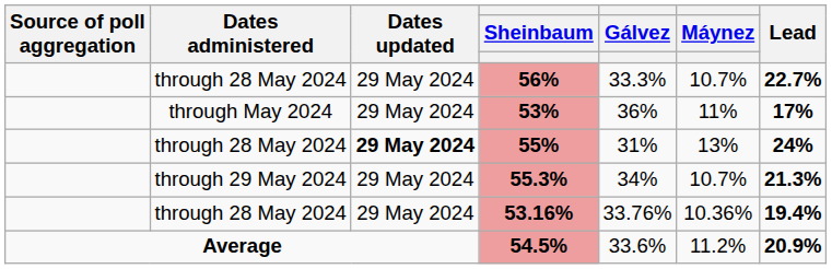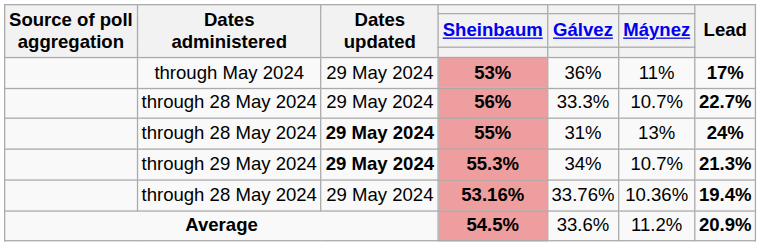 <table class="wikitable sortable" style="text-align:center;font-size:90%;line-height:17px">
 <tr>
 <th rowspan="3" class="unsortable">Source of poll<br>aggregation</th>
 <th rowspan="3" class="unsortable">Dates<br>administered</th>
 <th rowspan="3" class="unsortable">Dates<br>updated</th>
 <th></th>
 <th></th>
 <th></th>
 <th rowspan="3">Lead</th>
 </tr>
 <tr>
 <th><a href='#'>Sheinbaum</a><br></th>
 <th><a href='#'>Gálvez</a><br></th>
 <th><a href='#'>Máynez</a><br></th>
 </tr>
 <tr>
 <th style="background:"></th>
 <th style="background:"></th>
 <th style="background:"></th>
 </tr>
 <tr>
 <td></td>
+<td>through May 2024</td>
+<td>29 May 2024</td>
+<td bgcolor="#ee9e9e"><strong>53%</strong></td>
+<td>36%</td>
+<td>11%</td>
+<td style="background:"><span><strong>17%</strong></span></td>
+</tr>
+<tr>
+<td></td>
 <td>through 28 May 2024</td>
 <td>29 May 2024</td>
 <td bgcolor="#ee9e9e"><strong>56%</strong></td>
 <td>33.3%</td>
 <td>10.7%</td>
 <td style="background:"><span><strong>22.7%</strong></span></td>
-</tr>
-<tr>
-<td></td>
-<td>through May 2024</td>
-<td>29 May 2024</td>
-<td bgcolor="#ee9e9e"><strong>53%</strong></td>
-<td>36%</td>
-<td>11%</td>
-<td style="background:"><span><strong>17%</strong></span></td>
 </tr>
 <tr>
 <td></td>
 <td>through 28 May 2024</td>
 <td><strong>29 May 2024</strong></td>
 <td bgcolor="#ee9e9e"><strong>55%</strong></td>
 <td>31%</td>
 <td>13%</td>
 <td style="background:"><span><strong>24%</strong></span></td>
 </tr>
 <tr>
 <td></td>
 <td>through 29 May 2024</td>
-<td>29 May 2024</td>
+<td><strong>29 May 2024</strong></td>
 <td bgcolor="#ee9e9e"><strong>55.3%</strong></td>
 <td>34%</td>
 <td>10.7%</td>
 <td style="background:"><span><strong>21.3%</strong></span></td>
 </tr>
 <tr>
 <td></td>
 <td>through 28 May 2024</td>
 <td>29 May 2024</td>
 <td bgcolor="#ee9e9e"><strong>53.16%</strong></td>
 <td>33.76%</td>
 <td>10.36%</td>
 <td style="background:"><span><strong>19.4%</strong></span></td>
 </tr>
 <tr class="sortbottom">
 <td colspan="3"><strong>Average</strong></td>
 <td bgcolor="#ee9e9e"><strong>54.5%</strong></td>
 <td>33.6%</td>
 <td>11.2%</td>
 <td style="background:"><span><strong>20.9%</strong></span></td>
 </tr>
 </table>
